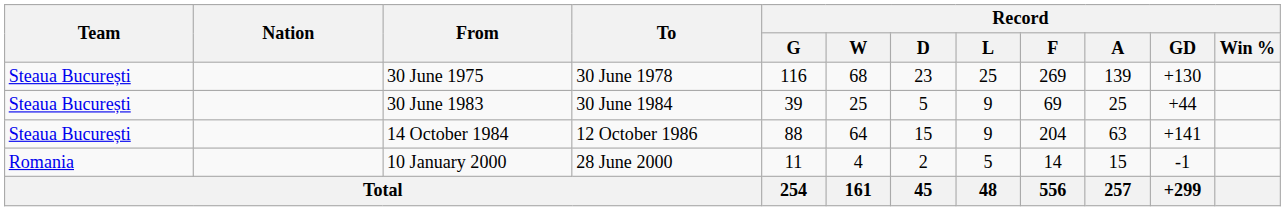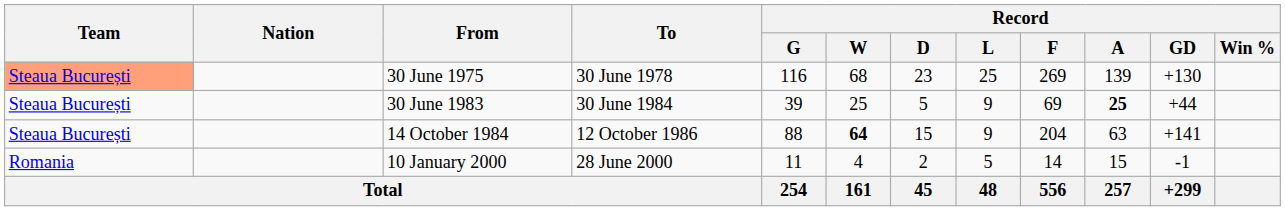 <table class="wikitable" style="text-align: center">
 <tr>
 <th rowspan=2 width=160>Team</th>
 <th rowspan=2 width=160>Nation</th>
 <th rowspan=2 width=160>From</th>
 <th rowspan=2 width=160>To</th>
 <th colspan=8>Record</th>
 </tr>
 <tr>
 <th width=50>G</th>
 <th width=50>W</th>
 <th width=50>D</th>
 <th width=50>L</th>
 <th width=50>F</th>
 <th width=50>A</th>
 <th width=50>GD</th>
 <th width=50>Win %</th>
 </tr>
 <tr>
-<td align="left"><a href='#'>Steaua București</a></td>
+<td align="left" style="background: lightsalmon;"><a href='#'>Steaua București</a></td>
 <td align="left"></td>
 <td align=left>30 June 1975</td>
 <td align=left>30 June 1978</td>
 <td>116</td>
 <td>68</td>
 <td>23</td>
 <td>25</td>
 <td>269</td>
 <td>139</td>
 <td>+130</td>
 <td></td>
 </tr>
 <tr>
 <td align="left"><a href='#'>Steaua București</a></td>
 <td align="left"></td>
 <td align=left>30 June 1983</td>
 <td align=left>30 June 1984</td>
 <td>39</td>
 <td>25</td>
 <td>5</td>
 <td>9</td>
 <td>69</td>
-<td>25</td>
+<td><strong>25</strong></td>
 <td>+44</td>
 <td></td>
 </tr>
 <tr>
 <td align="left"><a href='#'>Steaua București</a></td>
 <td align="left"></td>
 <td align=left>14 October 1984</td>
 <td align=left>12 October 1986</td>
 <td>88</td>
-<td>64</td>
+<td><strong>64</strong></td>
 <td>15</td>
 <td>9</td>
 <td>204</td>
 <td>63</td>
 <td>+141</td>
 <td></td>
 </tr>
 <tr>
 <td align="left"><a href='#'>Romania</a></td>
 <td align="left"></td>
 <td align=left>10 January 2000</td>
 <td align=left>28 June 2000</td>
 <td>11</td>
 <td>4</td>
 <td>2</td>
 <td>5</td>
 <td>14</td>
 <td>15</td>
 <td>-1</td>
 <td></td>
 </tr>
 <tr>
 <th align="center" colspan="4">Total</th>
 <th>254</th>
 <th>161</th>
 <th>45</th>
 <th>48</th>
 <th>556</th>
 <th>257</th>
 <th>+299</th>
 <th></th>
 </tr>
 </table>
